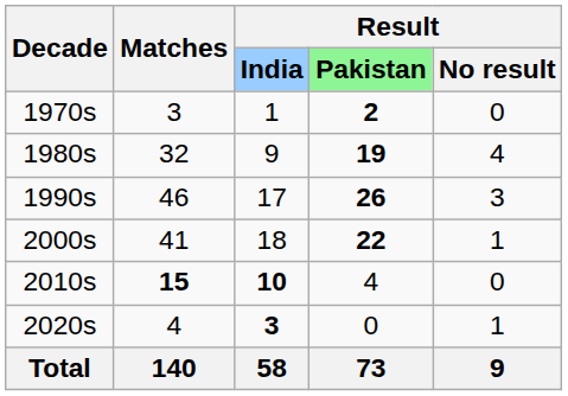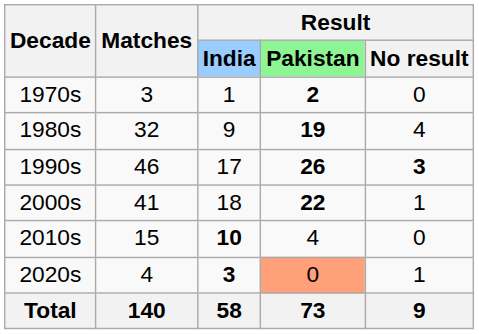 <table class="wikitable">
 <tr>
 <th rowspan=2>Decade</th>
 <th rowspan=2>Matches</th>
 <th colspan=3>Result</th>
 </tr>
 <tr>
 <th style="background:#99ccff;">India</th>
 <th style="background:#8ef595;">Pakistan</th>
 <th>No result</th>
 </tr>
 <tr>
 <td align="center">1970s</td>
 <td align="center">3</td>
 <td align="center">1</td>
 <td align="center"><strong>2</strong></td>
 <td align="center">0</td>
 </tr>
 <tr>
 <td align="center">1980s</td>
 <td align="center">32</td>
 <td align="center">9</td>
 <td align="center"><strong>19</strong></td>
 <td align="center">4</td>
 </tr>
 <tr>
 <td align="center">1990s</td>
 <td align="center">46</td>
 <td align="center">17</td>
 <td align="center"><strong>26</strong></td>
-<td align="center">3</td>
+<td align="center"><strong>3</strong></td>
 </tr>
 <tr>
 <td align="center">2000s</td>
 <td align="center">41</td>
 <td align="center">18</td>
 <td align="center"><strong>22</strong></td>
 <td align="center">1</td>
 </tr>
 <tr>
 <td align="center">2010s</td>
-<td align="center"><strong>15</strong></td>
+<td align="center">15</td>
 <td align="center"><strong>10</strong></td>
 <td align="center">4</td>
 <td align="center">0</td>
 </tr>
 <tr>
 <td align="center">2020s</td>
 <td align="center">4</td>
 <td align="center"><strong>3</strong></td>
-<td align="center">0</td>
+<td align="center" style="background: lightsalmon;">0</td>
 <td align="center">1</td>
 </tr>
 <tr>
 <th>Total</th>
 <th>140</th>
 <th>58</th>
 <th>73</th>
 <th>9</th>
 </tr>
 </table>
